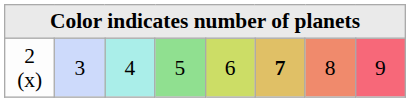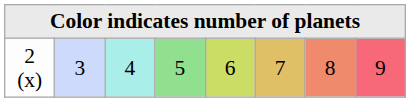 <table class="wikitable">
 <tr>
 <th style="background: #eaeaea" colspan=8>Color indicates number of planets</th>
 </tr>
 <tr>
 <td bgcolor="#fdfdfd" width=30 style="text-align: center">2 (x)</td>
 <td bgcolor="#cddafb" width=30 style="text-align: center">3</td>
 <td bgcolor="#aaeee9" width=30 style="text-align: center">4</td>
 <td bgcolor="#90e090" width=30 style="text-align: center">5</td>
 <td bgcolor="#ccdd66" width=30 style="text-align: center">6</td>
-<td bgcolor="#e0c066" width=30 style="text-align: center"><strong>7</strong></td>
+<td bgcolor="#e0c066" width=30 style="text-align: center">7</td>
 <td bgcolor="#f08a6c" width=30 style="text-align: center">8</td>
 <td bgcolor="#f76879" width=30 style="text-align: center">9</td>
 </tr>
 </table>
